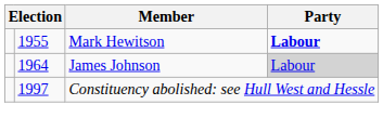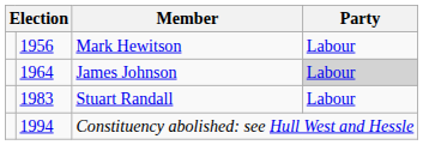 <table class="wikitable">
 <tr>
 <th colspan="2">Election</th>
 <th>Member</th>
 <th>Party</th>
 </tr>
 <tr>
 <td style="color:inherit;background-color: "></td>
-<td><a href='#'>1955</a></td>
+<td><a href='#'>1956</a></td>
 <td><a href='#'>Mark Hewitson</a></td>
-<td><strong><a href='#'>Labour</a></strong></td>
+<td><a href='#'>Labour</a></td>
 </tr>
 <tr>
 <td style="color:inherit;background-color: "></td>
 <td><a href='#'>1964</a></td>
 <td><a href='#'>James Johnson</a></td>
 <td style="background: lightgrey;"><a href='#'>Labour</a></td>
 </tr>
 <tr>
+<td style="color:inherit;background-color: "></td>
+<td><a href='#'>1983</a></td>
+<td><a href='#'>Stuart Randall</a></td>
+<td><a href='#'>Labour</a></td>
+</tr>
+<tr>
 <td></td>
-<td><a href='#'>1997</a></td>
+<td><a href='#'>1994</a></td>
 <td colspan="2"><em>Constituency abolished: see <a href='#'>Hull West and Hessle</a></em></td>
 </tr>
 </table>
